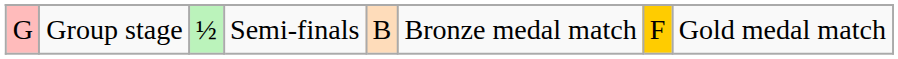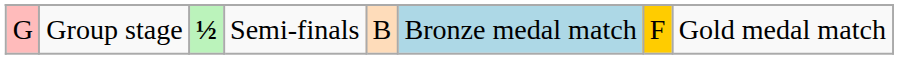 <table class="wikitable" style="margin:0.5em auto; font-size:90%; line-height:1.25em; text-align:center;">
 <tr>
 </tr>
 <tr>
 <td style="background-color:#FFBBBB;">G</td>
 <td>Group stage</td>
-<td style="background-color:#BBF3BB;">½</td>
+<td style="background-color:#BBF3BB;"><strong>½</strong></td>
 <td>Semi-finals</td>
 <td style="background-color:#FEDCBA;">B</td>
-<td>Bronze medal match</td>
+<td style="background: lightblue;">Bronze medal match</td>
 <td style="background-color:#FFCC00;">F</td>
 <td>Gold medal match</td>
 </tr>
 </table>
